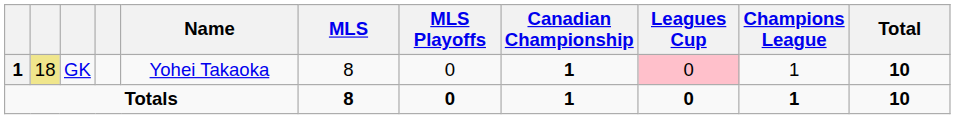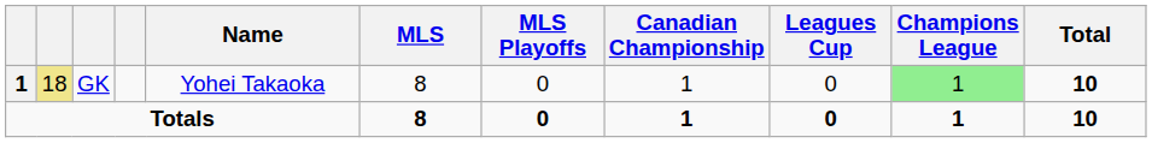 <table class="wikitable" style="text-align:center">
 <tr>
 <th width=15></th>
 <th width=15></th>
 <th width=15></th>
 <th width=15></th>
 <th width=145>Name</th>
 <th width=80><strong><a href='#'>MLS</a></strong></th>
 <th width=80><strong><a href='#'>MLS Playoffs</a></strong></th>
 <th width=80><strong><a href='#'>Canadian Championship</a></strong></th>
 <th width=80><strong><a href='#'>Leagues Cup</a></strong></th>
 <th width=80><strong><a href='#'>Champions League</a></strong></th>
 <th width=80>Total</th>
 </tr>
 <tr>
 <th>1</th>
 <td align=center style="background: khaki;">18</td>
 <td><a href='#'>GK</a></td>
 <td></td>
 <td><a href='#'>Yohei Takaoka</a></td>
 <td>8</td>
 <td>0</td>
-<td><strong>1</strong></td>
-<td style="background: pink;">0</td>
 <td>1</td>
+<td>0</td>
+<td style="background: lightgreen;">1</td>
 <td><strong>10</strong></td>
 </tr>
 <tr>
 <td colspan="5"><strong>Totals</strong></td>
 <td><strong>8</strong></td>
 <td><strong>0</strong></td>
 <td><strong>1</strong></td>
 <td><strong>0</strong></td>
 <td><strong>1</strong></td>
 <td><strong>10</strong></td>
 </tr>
 </table>
